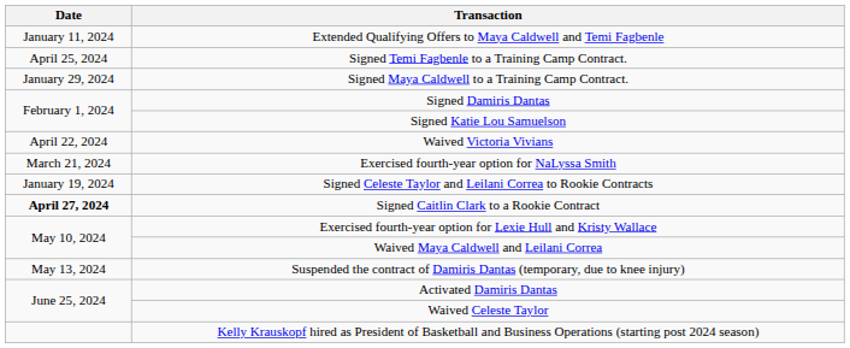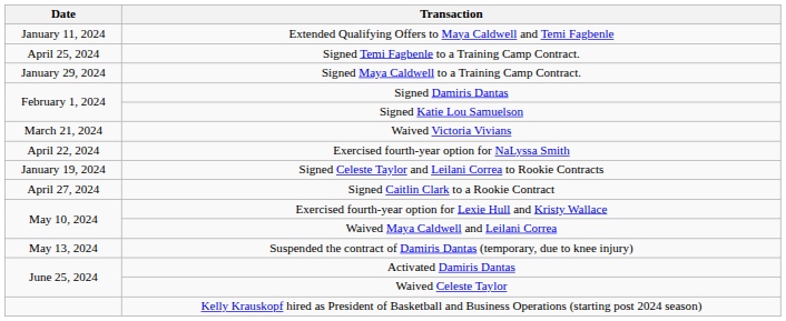 <table class="wikitable" style="width:80%; text-align: center;">
 <tr>
 <th>Date</th>
 <th>Transaction</th>
 </tr>
 <tr>
 <td>January 11, 2024</td>
 <td>Extended Qualifying Offers to <a href='#'>Maya Caldwell</a> and <a href='#'>Temi Fagbenle</a></td>
 </tr>
 <tr>
 <td>April 25, 2024</td>
 <td>Signed <a href='#'>Temi Fagbenle</a> to a Training Camp Contract.</td>
 </tr>
 <tr>
 <td>January 29, 2024</td>
 <td>Signed <a href='#'>Maya Caldwell</a> to a Training Camp Contract.</td>
 </tr>
 <tr>
 <td rowspan=2>February 1, 2024</td>
 <td>Signed <a href='#'>Damiris Dantas</a></td>
 </tr>
 <tr>
 <td>Signed <a href='#'>Katie Lou Samuelson</a></td>
 </tr>
 <tr>
-<td>April 22, 2024</td>
+<td>March 21, 2024</td>
 <td>Waived <a href='#'>Victoria Vivians</a></td>
 </tr>
 <tr>
-<td>March 21, 2024</td>
+<td>April 22, 2024</td>
 <td>Exercised fourth-year option for <a href='#'>NaLyssa Smith</a></td>
 </tr>
 <tr>
 <td>January 19, 2024</td>
 <td>Signed <a href='#'>Celeste Taylor</a> and <a href='#'>Leilani Correa</a> to Rookie Contracts</td>
 </tr>
 <tr>
-<td><strong>April 27, 2024</strong></td>
+<td>April 27, 2024</td>
 <td>Signed <a href='#'>Caitlin Clark</a> to a Rookie Contract</td>
 </tr>
 <tr>
 <td rowspan=2>May 10, 2024</td>
 <td>Exercised fourth-year option for <a href='#'>Lexie Hull</a> and <a href='#'>Kristy Wallace</a></td>
 </tr>
 <tr>
 <td>Waived <a href='#'>Maya Caldwell</a> and <a href='#'>Leilani Correa</a></td>
 </tr>
 <tr>
 <td>May 13, 2024</td>
 <td>Suspended the contract of <a href='#'>Damiris Dantas</a> (temporary, due to knee injury)</td>
 </tr>
 <tr>
 <td rowspan=2>June 25, 2024</td>
 <td>Activated <a href='#'>Damiris Dantas</a></td>
 </tr>
 <tr>
 <td>Waived <a href='#'>Celeste Taylor</a></td>
 </tr>
 <tr>
 <td></td>
 <td><a href='#'>Kelly Krauskopf</a> hired as President of Basketball and Business Operations (starting post 2024 season)</td>
 </tr>
 </table>
